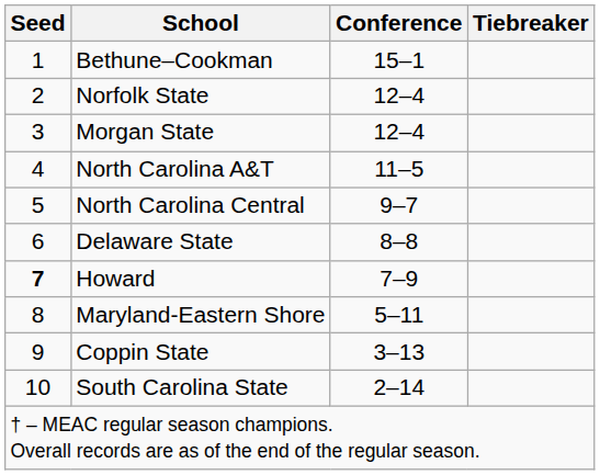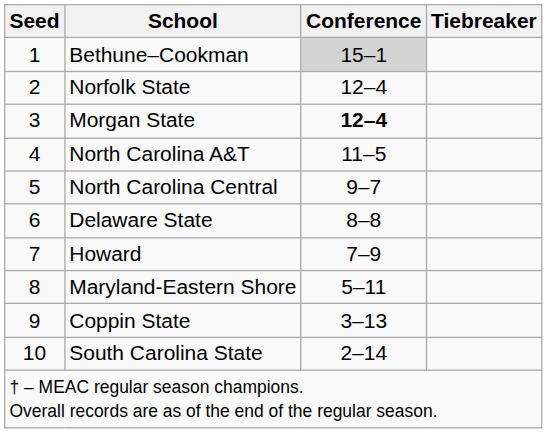 <table class="wikitable" style="text-align:center">
 <tr>
 <th>Seed</th>
 <th>School</th>
 <th>Conference</th>
 <th>Tiebreaker</th>
 </tr>
 <tr>
 <td>1</td>
 <td align=left>Bethune–Cookman</td>
-<td>15–1</td>
+<td style="background: lightgrey;">15–1</td>
 <td></td>
 </tr>
 <tr>
 <td>2</td>
 <td align=left>Norfolk State</td>
 <td>12–4</td>
 <td></td>
 </tr>
 <tr>
 <td>3</td>
 <td align=left>Morgan State</td>
-<td>12–4</td>
+<td><strong>12–4</strong></td>
 <td></td>
 </tr>
 <tr>
 <td>4</td>
 <td align=left>North Carolina A&T</td>
 <td>11–5</td>
 <td></td>
 </tr>
 <tr>
 <td>5</td>
 <td align=left>North Carolina Central</td>
 <td>9–7</td>
 <td></td>
 </tr>
 <tr>
 <td>6</td>
 <td align=left>Delaware State</td>
 <td>8–8</td>
 <td></td>
 </tr>
 <tr>
-<td><strong>7</strong></td>
+<td>7</td>
 <td align=left>Howard</td>
 <td>7–9</td>
 <td></td>
 </tr>
 <tr>
 <td>8</td>
 <td align=left>Maryland-Eastern Shore</td>
 <td>5–11</td>
 <td></td>
 </tr>
 <tr>
 <td>9</td>
 <td align=left>Coppin State</td>
 <td>3–13</td>
 <td></td>
 </tr>
 <tr>
 <td>10</td>
 <td align=left>South Carolina State</td>
 <td>2–14</td>
 <td></td>
 </tr>
 <tr>
 <td colspan="6" align="left"><small>† – MEAC regular season champions.<br>Overall records are as of the end of the regular season.</small></td>
 </tr>
 </table>
